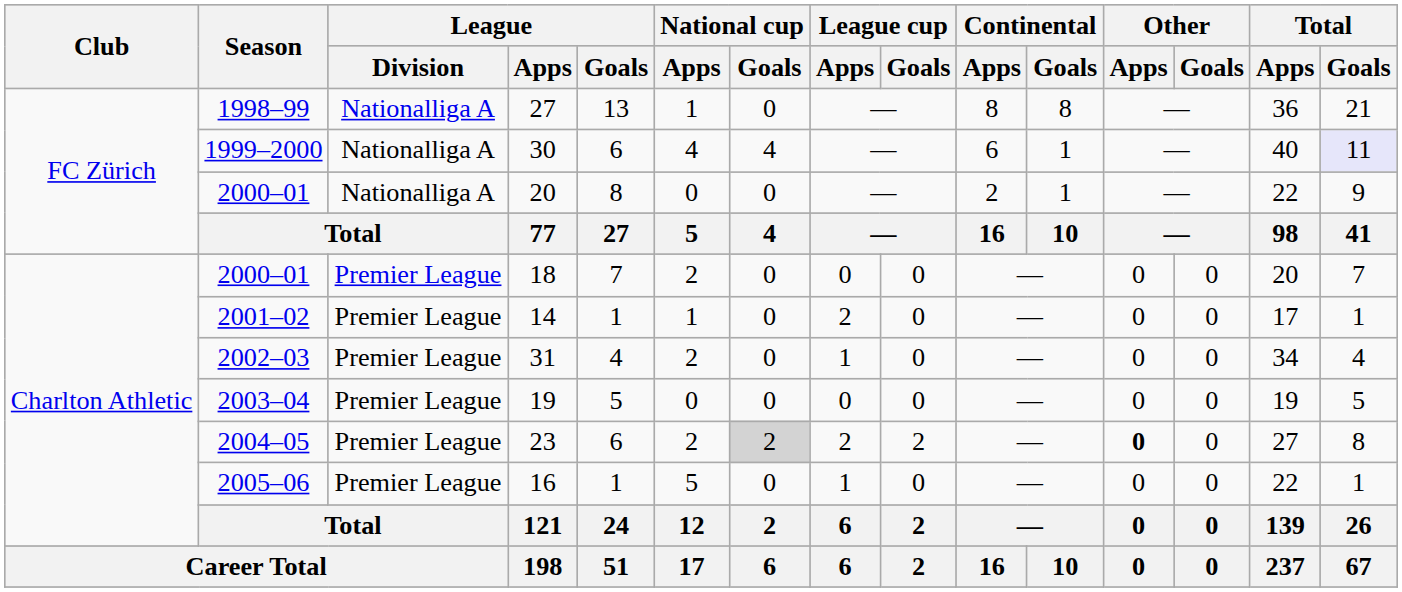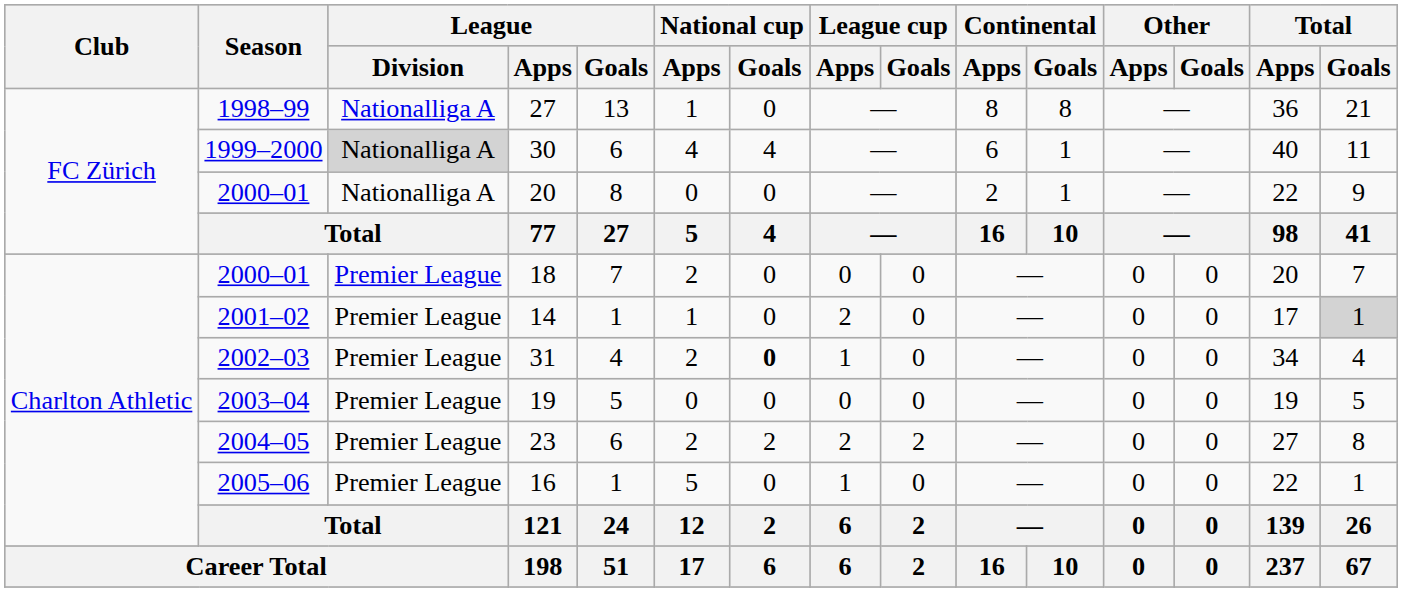 <table class="wikitable" style="text-align:center">
 <tr>
 <th rowspan="2">Club</th>
 <th rowspan="2">Season</th>
 <th colspan="3">League</th>
 <th colspan="2">National cup</th>
 <th colspan="2">League cup</th>
 <th colspan="2">Continental</th>
 <th colspan="2">Other</th>
 <th colspan="2">Total</th>
 </tr>
 <tr>
 <th>Division</th>
 <th>Apps</th>
 <th>Goals</th>
 <th>Apps</th>
 <th>Goals</th>
 <th>Apps</th>
 <th>Goals</th>
 <th>Apps</th>
 <th>Goals</th>
 <th>Apps</th>
 <th>Goals</th>
 <th>Apps</th>
 <th>Goals</th>
 </tr>
 <tr>
 <td rowspan="4"><a href='#'>FC Zürich</a></td>
 <td><a href='#'>1998–99</a></td>
 <td><a href='#'>Nationalliga A</a></td>
 <td>27</td>
 <td>13</td>
 <td>1</td>
 <td>0</td>
 <td colspan="2">—</td>
 <td>8</td>
 <td>8</td>
 <td colspan="2">—</td>
 <td>36</td>
 <td>21</td>
 </tr>
 <tr>
 <td><a href='#'>1999–2000</a></td>
-<td>Nationalliga A</td>
+<td style="background: lightgrey;">Nationalliga A</td>
 <td>30</td>
 <td>6</td>
 <td>4</td>
 <td>4</td>
 <td colspan="2">—</td>
 <td>6</td>
 <td>1</td>
 <td colspan="2">—</td>
 <td>40</td>
-<td style="background: lavender;">11</td>
+<td>11</td>
 </tr>
 <tr>
 <td><a href='#'>2000–01</a></td>
 <td>Nationalliga A</td>
 <td>20</td>
 <td>8</td>
 <td>0</td>
 <td>0</td>
 <td colspan="2">—</td>
 <td>2</td>
 <td>1</td>
 <td colspan="2">—</td>
 <td>22</td>
 <td>9</td>
 </tr>
 <tr>
 <th colspan="2">Total</th>
 <th>77</th>
 <th>27</th>
 <th>5</th>
 <th>4</th>
 <th colspan="2">—</th>
 <th>16</th>
 <th>10</th>
 <th colspan="2">—</th>
 <th>98</th>
 <th>41</th>
 </tr>
 <tr>
 <td rowspan="7"><a href='#'>Charlton Athletic</a></td>
 <td><a href='#'>2000–01</a></td>
 <td><a href='#'>Premier League</a></td>
 <td>18</td>
 <td>7</td>
 <td>2</td>
 <td>0</td>
 <td>0</td>
 <td>0</td>
 <td colspan="2">—</td>
 <td>0</td>
 <td>0</td>
 <td>20</td>
 <td>7</td>
 </tr>
 <tr>
 <td><a href='#'>2001–02</a></td>
 <td>Premier League</td>
 <td>14</td>
 <td>1</td>
 <td>1</td>
 <td>0</td>
 <td>2</td>
 <td>0</td>
 <td colspan="2">—</td>
 <td>0</td>
 <td>0</td>
 <td>17</td>
-<td>1</td>
+<td style="background: lightgrey;">1</td>
 </tr>
 <tr>
 <td><a href='#'>2002–03</a></td>
 <td>Premier League</td>
 <td>31</td>
 <td>4</td>
 <td>2</td>
-<td>0</td>
+<td><strong>0</strong></td>
 <td>1</td>
 <td>0</td>
 <td colspan="2">—</td>
 <td>0</td>
 <td>0</td>
 <td>34</td>
 <td>4</td>
 </tr>
 <tr>
 <td><a href='#'>2003–04</a></td>
 <td>Premier League</td>
 <td>19</td>
 <td>5</td>
 <td>0</td>
 <td>0</td>
 <td>0</td>
 <td>0</td>
 <td colspan="2">—</td>
 <td>0</td>
 <td>0</td>
 <td>19</td>
 <td>5</td>
 </tr>
 <tr>
 <td><a href='#'>2004–05</a></td>
 <td>Premier League</td>
 <td>23</td>
 <td>6</td>
 <td>2</td>
-<td style="background: lightgrey;">2</td>
+<td>2</td>
 <td>2</td>
 <td>2</td>
 <td colspan="2">—</td>
-<td><strong>0</strong></td>
+<td>0</td>
 <td>0</td>
 <td>27</td>
 <td>8</td>
 </tr>
 <tr>
 <td><a href='#'>2005–06</a></td>
 <td>Premier League</td>
 <td>16</td>
 <td>1</td>
 <td>5</td>
 <td>0</td>
 <td>1</td>
 <td>0</td>
 <td colspan="2">—</td>
 <td>0</td>
 <td>0</td>
 <td>22</td>
 <td>1</td>
 </tr>
 <tr>
 <th colspan="2">Total</th>
 <th>121</th>
 <th>24</th>
 <th>12</th>
 <th>2</th>
 <th>6</th>
 <th>2</th>
 <th colspan="2">—</th>
 <th>0</th>
 <th>0</th>
 <th>139</th>
 <th>26</th>
 </tr>
 <tr>
 <th colspan="3">Career Total</th>
 <th>198</th>
 <th>51</th>
 <th>17</th>
 <th>6</th>
 <th>6</th>
 <th>2</th>
 <th>16</th>
 <th>10</th>
 <th>0</th>
 <th>0</th>
 <th>237</th>
 <th>67</th>
 </tr>
 </table>
